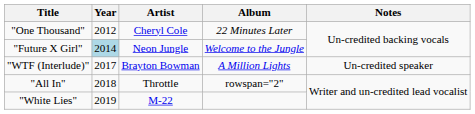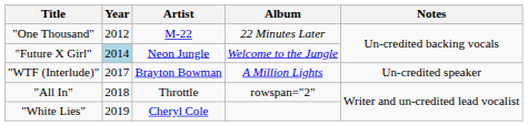 <table class="wikitable plainrowheaders" style="text-align:center;">
 <tr>
 <th scope="col">Title</th>
 <th scope="col">Year</th>
 <th scope="col">Artist</th>
 <th scope="col">Album</th>
 <th scope="col">Notes</th>
 </tr>
 <tr>
 <td>"One Thousand"</td>
 <td>2012</td>
-<td><a href='#'>Cheryl Cole</a></td>
+<td><a href='#'>M-22</a></td>
 <td><em>22 Minutes Later</em></td>
 <td rowspan="2">Un-credited backing vocals</td>
 </tr>
 <tr>
 <td>"Future X Girl"</td>
 <td style="background: lightblue;">2014</td>
 <td><a href='#'>Neon Jungle</a></td>
 <td><em><a href='#'>Welcome to the Jungle</a></em></td>
 </tr>
 <tr>
 <td>"WTF (Interlude)"</td>
 <td>2017</td>
 <td><a href='#'>Brayton Bowman</a></td>
 <td><em><a href='#'>A Million Lights</a></em></td>
 <td>Un-credited speaker</td>
 </tr>
 <tr>
 <td>"All In"</td>
 <td>2018</td>
 <td>Throttle</td>
 <td>rowspan="2" </td>
 <td rowspan="2">Writer and un-credited lead vocalist</td>
 </tr>
 <tr>
 <td>"White Lies"</td>
 <td>2019</td>
-<td><a href='#'>M-22</a></td>
+<td><a href='#'>Cheryl Cole</a></td>
 </tr>
 </table>
